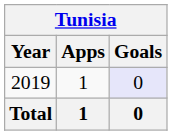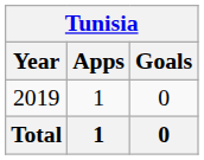 <table class="wikitable" style="text-align:center">
 <tr>
 <th colspan="3"><a href='#'>Tunisia</a></th>
 </tr>
 <tr>
 <th>Year</th>
 <th>Apps</th>
 <th>Goals</th>
 </tr>
 <tr>
 <td>2019</td>
 <td>1</td>
-<td style="background: lavender;">0</td>
+<td>0</td>
 </tr>
 <tr>
 <th>Total</th>
 <th>1</th>
 <th>0</th>
 </tr>
 </table>
